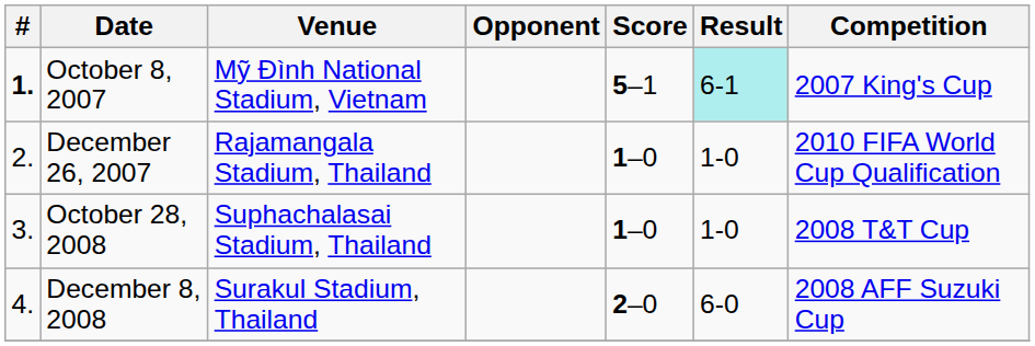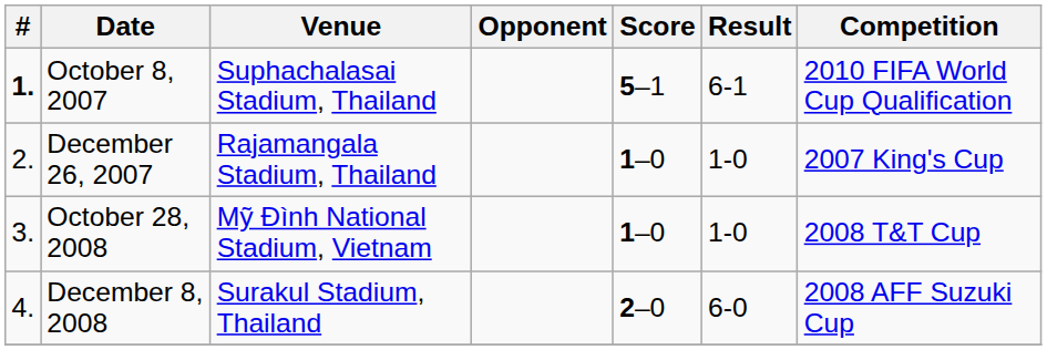 <table class="wikitable">
 <tr>
 <th>#</th>
 <th>Date</th>
 <th>Venue</th>
 <th>Opponent</th>
 <th>Score</th>
 <th>Result</th>
 <th>Competition</th>
 </tr>
 <tr>
 <td><strong>1.</strong></td>
 <td>October 8, 2007</td>
-<td><a href='#'>Mỹ Đình National Stadium</a>, <a href='#'>Vietnam</a></td>
+<td><a href='#'>Suphachalasai Stadium</a>, <a href='#'>Thailand</a></td>
 <td></td>
 <td><strong>5</strong>–1</td>
-<td style="background: paleturquoise;">6-1</td>
-<td><a href='#'>2007 King's Cup</a></td>
+<td>6-1</td>
+<td><a href='#'>2010 FIFA World Cup Qualification</a></td>
 </tr>
 <tr>
 <td>2.</td>
 <td>December 26, 2007</td>
 <td><a href='#'>Rajamangala Stadium</a>, <a href='#'>Thailand</a></td>
 <td></td>
 <td><strong>1</strong>–0</td>
 <td>1-0</td>
-<td><a href='#'>2010 FIFA World Cup Qualification</a></td>
+<td><a href='#'>2007 King's Cup</a></td>
 </tr>
 <tr>
 <td>3.</td>
 <td>October 28, 2008</td>
-<td><a href='#'>Suphachalasai Stadium</a>, <a href='#'>Thailand</a></td>
+<td><a href='#'>Mỹ Đình National Stadium</a>, <a href='#'>Vietnam</a></td>
 <td></td>
 <td><strong>1</strong>–0</td>
 <td>1-0</td>
 <td><a href='#'>2008 T&T Cup</a></td>
 </tr>
 <tr>
 <td>4.</td>
 <td>December 8, 2008</td>
 <td><a href='#'>Surakul Stadium</a>, <a href='#'>Thailand</a></td>
 <td></td>
 <td><strong>2</strong>–0</td>
 <td>6-0</td>
 <td><a href='#'>2008 AFF Suzuki Cup</a></td>
 </tr>
 <tr>
 </tr>
 </table>
